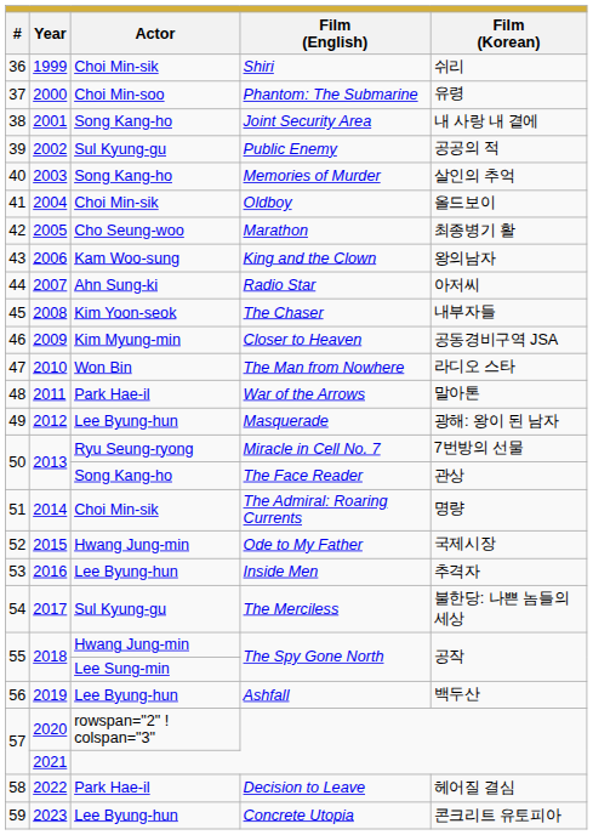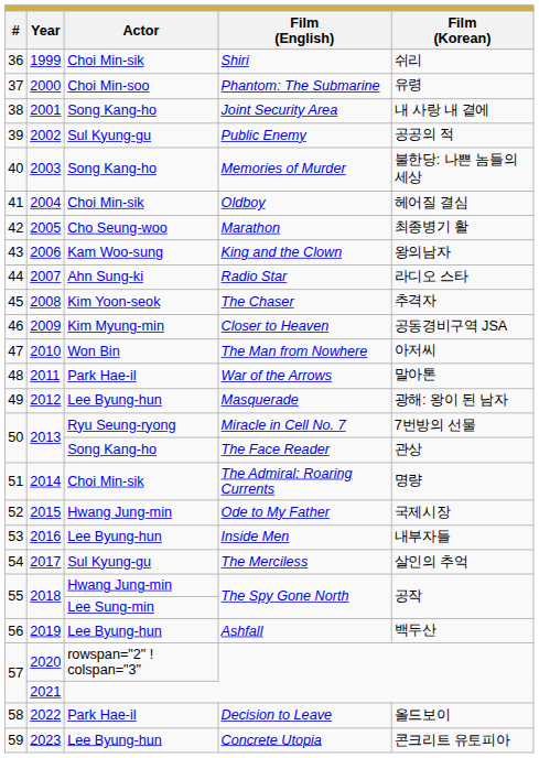 <table class="wikitable collapsible collapsed">
 <tr>
 <th colspan="5" style="background: #D4AF37;"></th>
 </tr>
 <tr>
 <th>#</th>
 <th>Year</th>
 <th>Actor</th>
 <th>Film<br>(English)</th>
 <th>Film<br>(Korean)</th>
 </tr>
 <tr>
 <td>36</td>
 <td><a href='#'>1999</a></td>
 <td><a href='#'>Choi Min-sik</a></td>
 <td><em><a href='#'>Shiri</a></em></td>
 <td>쉬리</td>
 </tr>
 <tr>
 <td>37</td>
 <td><a href='#'>2000</a></td>
 <td><a href='#'>Choi Min-soo</a></td>
 <td><em><a href='#'>Phantom: The Submarine</a></em></td>
 <td>유령</td>
 </tr>
 <tr>
 <td>38</td>
 <td><a href='#'>2001</a></td>
 <td><a href='#'>Song Kang-ho</a></td>
 <td><em><a href='#'>Joint Security Area</a></em></td>
 <td>내 사랑 내 곁에</td>
 </tr>
 <tr>
 <td>39</td>
 <td><a href='#'>2002</a></td>
 <td><a href='#'>Sul Kyung-gu</a></td>
 <td><em><a href='#'>Public Enemy</a></em></td>
 <td>공공의 적</td>
 </tr>
 <tr>
 <td>40</td>
 <td><a href='#'>2003</a></td>
 <td><a href='#'>Song Kang-ho</a></td>
 <td><em><a href='#'>Memories of Murder</a></em></td>
-<td>살인의 추억</td>
+<td>불한당: 나쁜 놈들의 세상</td>
 </tr>
 <tr>
 <td>41</td>
 <td><a href='#'>2004</a></td>
 <td><a href='#'>Choi Min-sik</a></td>
 <td><em><a href='#'>Oldboy</a></em></td>
-<td>올드보이</td>
+<td>헤어질 결심</td>
 </tr>
 <tr>
 <td>42</td>
 <td><a href='#'>2005</a></td>
 <td><a href='#'>Cho Seung-woo</a></td>
 <td><em><a href='#'>Marathon</a></em></td>
 <td>최종병기 활</td>
 </tr>
 <tr>
 <td>43</td>
 <td><a href='#'>2006</a></td>
 <td><a href='#'>Kam Woo-sung</a></td>
 <td><em><a href='#'>King and the Clown</a></em></td>
 <td>왕의남자</td>
 </tr>
 <tr>
 <td>44</td>
 <td><a href='#'>2007</a></td>
 <td><a href='#'>Ahn Sung-ki</a></td>
 <td><em><a href='#'>Radio Star</a></em></td>
-<td>아저씨</td>
+<td>라디오 스타</td>
 </tr>
 <tr>
 <td>45</td>
 <td><a href='#'>2008</a></td>
 <td><a href='#'>Kim Yoon-seok</a></td>
 <td><em><a href='#'>The Chaser</a></em></td>
-<td>내부자들</td>
+<td>추격자</td>
 </tr>
 <tr>
 <td>46</td>
 <td><a href='#'>2009</a></td>
 <td><a href='#'>Kim Myung-min</a></td>
 <td><em><a href='#'>Closer to Heaven</a></em></td>
 <td>공동경비구역 JSA</td>
 </tr>
 <tr>
 <td>47</td>
 <td><a href='#'>2010</a></td>
 <td><a href='#'>Won Bin</a></td>
 <td><em><a href='#'>The Man from Nowhere</a></em></td>
-<td>라디오 스타</td>
+<td>아저씨</td>
 </tr>
 <tr>
 <td>48</td>
 <td><a href='#'>2011</a></td>
 <td><a href='#'>Park Hae-il</a></td>
 <td><em><a href='#'>War of the Arrows</a></em></td>
 <td>말아톤</td>
 </tr>
 <tr>
 <td>49</td>
 <td><a href='#'>2012</a></td>
 <td><a href='#'>Lee Byung-hun</a></td>
 <td><em><a href='#'>Masquerade</a></em></td>
 <td>광해: 왕이 된 남자</td>
 </tr>
 <tr>
 <td rowspan="2">50</td>
 <td rowspan="2"><a href='#'>2013</a></td>
 <td><a href='#'>Ryu Seung-ryong</a></td>
 <td><em><a href='#'>Miracle in Cell No. 7</a></em></td>
 <td>7번방의 선물</td>
 </tr>
 <tr>
 <td><a href='#'>Song Kang-ho</a></td>
 <td><em><a href='#'>The Face Reader</a></em></td>
 <td>관상</td>
 </tr>
 <tr>
 <td>51</td>
 <td><a href='#'>2014</a></td>
 <td><a href='#'>Choi Min-sik</a></td>
 <td><em><a href='#'>The Admiral: Roaring Currents</a></em></td>
 <td>명량</td>
 </tr>
 <tr>
 <td>52</td>
 <td><a href='#'>2015</a></td>
 <td><a href='#'>Hwang Jung-min</a></td>
 <td><em><a href='#'>Ode to My Father</a></em></td>
 <td>국제시장</td>
 </tr>
 <tr>
 <td>53</td>
 <td><a href='#'>2016</a></td>
 <td><a href='#'>Lee Byung-hun</a></td>
 <td><em><a href='#'>Inside Men</a></em></td>
-<td>추격자</td>
+<td>내부자들</td>
 </tr>
 <tr>
 <td>54</td>
 <td><a href='#'>2017</a></td>
 <td><a href='#'>Sul Kyung-gu</a></td>
 <td><em><a href='#'>The Merciless</a></em></td>
-<td>불한당: 나쁜 놈들의 세상</td>
+<td>살인의 추억</td>
 </tr>
 <tr>
 <td rowspan="2">55</td>
 <td rowspan="2"><a href='#'>2018</a></td>
 <td><a href='#'>Hwang Jung-min</a></td>
 <td rowspan="2"><em><a href='#'>The Spy Gone North</a></em></td>
 <td rowspan="2">공작</td>
 </tr>
 <tr>
 <td><a href='#'>Lee Sung-min</a></td>
 </tr>
 <tr>
 <td>56</td>
 <td><a href='#'>2019</a></td>
 <td><a href='#'>Lee Byung-hun</a></td>
 <td><em><a href='#'>Ashfall</a></em></td>
 <td>백두산</td>
 </tr>
 <tr>
 <td rowspan="2">57</td>
 <td><a href='#'>2020</a></td>
 <td>rowspan="2" ! colspan="3" </td>
 </tr>
 <tr>
 <td><a href='#'>2021</a></td>
 </tr>
 <tr>
 <td>58</td>
 <td><a href='#'>2022</a></td>
 <td><a href='#'>Park Hae-il</a></td>
 <td><em><a href='#'>Decision to Leave</a></em></td>
-<td>헤어질 결심</td>
+<td>올드보이</td>
 </tr>
 <tr>
 <td>59</td>
 <td><a href='#'>2023</a></td>
 <td><a href='#'>Lee Byung-hun</a></td>
 <td><em><a href='#'>Concrete Utopia</a></em></td>
 <td>콘크리트 유토피아</td>
 </tr>
 </table>
